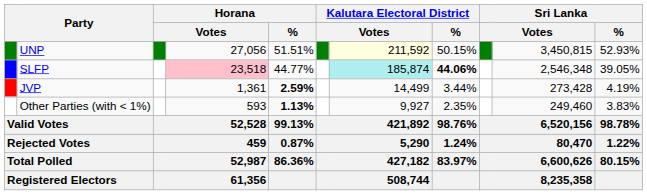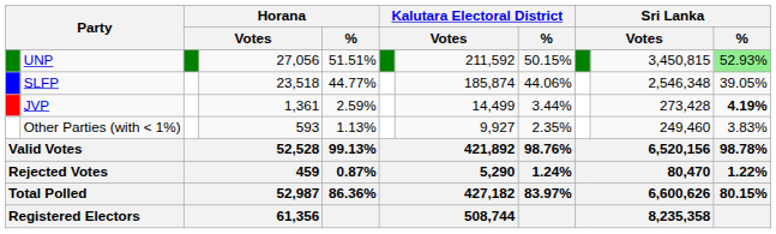 <table class="wikitable">
 <tr>
 <th colspan="2" width="144px"rowspan="2">Party</th>
 <th colspan="3" width="216px">Horana</th>
 <th colspan="3" width="216px"><a href='#'>Kalutara Electoral District</a></th>
 <th colspan="3" width="216px">Sri Lanka</th>
 </tr>
 <tr>
 <th colspan="2" width="144px">Votes</th>
 <th>%</th>
 <th colspan="2" width="144px">Votes</th>
 <th>%</th>
 <th colspan="2" width="144px">Votes</th>
 <th>%</th>
 </tr>
 <tr>
 <td style="background-color:green;" width="10px"></td>
 <td style="text-align:left;"><a href='#'>UNP</a></td>
 <td style="background-color:green;" width="10px"></td>
 <td style="text-align:right;">27,056</td>
 <td style="text-align:right;">51.51%</td>
 <td style="background-color:green;" width="10px"></td>
-<td style="background: lightyellow; text-align:right;">211,592</td>
+<td style="text-align:right;">211,592</td>
 <td style="text-align:right;">50.15%</td>
 <td style="background-color:green;" width="10px"></td>
 <td style="text-align:right;">3,450,815</td>
-<td style="text-align:right;">52.93%</td>
+<td style="background: lightgreen; text-align:right;">52.93%</td>
 </tr>
 <tr>
 <td style="background-color:blue;" width="10px"></td>
 <td style="text-align:left;"><a href='#'>SLFP</a></td>
 <td style="background-color:white;" width="10px"></td>
-<td style="background: pink; text-align:right;">23,518</td>
+<td style="text-align:right;">23,518</td>
 <td style="text-align:right;">44.77%</td>
 <td style="background-color:white;" width="10px"></td>
-<td style="background: paleturquoise; text-align:right;">185,874</td>
-<td style="text-align:right;"><strong>44.06%</strong></td>
+<td style="text-align:right;">185,874</td>
+<td style="text-align:right;">44.06%</td>
 <td style="background-color:white;" width="10px"></td>
 <td style="text-align:right;">2,546,348</td>
 <td style="text-align:right;">39.05%</td>
 </tr>
 <tr>
 <td style="background-color:red;" width="10px"></td>
 <td style="text-align:left;"><a href='#'>JVP</a></td>
 <td style="background-color:white;" width="10px"></td>
 <td style="text-align:right;">1,361</td>
-<td style="text-align:right;"><strong>2.59%</strong></td>
+<td style="text-align:right;">2.59%</td>
 <td style="background-color:white;" width="10px"></td>
 <td style="text-align:right;">14,499</td>
 <td style="text-align:right;">3.44%</td>
 <td style="background-color:white;" width="10px"></td>
 <td style="text-align:right;">273,428</td>
-<td style="text-align:right;">4.19%</td>
+<td style="text-align:right;"><strong>4.19%</strong></td>
 </tr>
 <tr>
 <td style="background-color:white;" width="10px"></td>
 <td style="text-align:left;">Other Parties (with < 1%)</td>
 <td style="background-color:white;" width="10px"></td>
 <td style="text-align:right;">593</td>
-<td style="text-align:right;"><strong>1.13%</strong></td>
+<td style="text-align:right;">1.13%</td>
 <td style="background-color:white;" width="10px"></td>
 <td style="text-align:right;">9,927</td>
 <td style="text-align:right;">2.35%</td>
 <td style="background-color:white;" width="10px"></td>
 <td style="text-align:right;">249,460</td>
 <td style="text-align:right;">3.83%</td>
 </tr>
 <tr>
 <th colspan="2" width="144px"style="text-align:left;">Valid Votes</th>
 <th style="text-align:right;"colspan="2" width="144px">52,528</th>
 <th style="text-align:right;">99.13%</th>
 <th style="text-align:right;"colspan="2" width="144px">421,892</th>
 <th style="text-align:right;">98.76%</th>
 <th style="text-align:right;"colspan="2" width="144px">6,520,156</th>
 <th style="text-align:right;">98.78%</th>
 </tr>
 <tr>
 <th colspan="2" width="144px"style="text-align:left;">Rejected Votes</th>
 <th style="text-align:right;"colspan="2" width="144px">459</th>
 <th style="text-align:right;">0.87%</th>
 <th style="text-align:right;"colspan="2" width="144px">5,290</th>
 <th style="text-align:right;">1.24%</th>
 <th style="text-align:right;"colspan="2" width="144px">80,470</th>
 <th style="text-align:right;">1.22%</th>
 </tr>
 <tr>
 <th colspan="2" width="144px"style="text-align:left;">Total Polled</th>
 <th style="text-align:right;"colspan="2" width="144px">52,987</th>
 <th style="text-align:right;">86.36%</th>
 <th style="text-align:right;"colspan="2" width="144px">427,182</th>
 <th style="text-align:right;">83.97%</th>
 <th style="text-align:right;"colspan="2" width="144px">6,600,626</th>
 <th style="text-align:right;">80.15%</th>
 </tr>
 <tr>
 <th colspan="2" width="144px"style="text-align:left;">Registered Electors</th>
 <th style="text-align:right;"colspan="2" width="144px">61,356</th>
 <th></th>
 <th style="text-align:right;"colspan="2" width="144px">508,744</th>
 <th></th>
 <th style="text-align:right;"colspan="2" width="144px">8,235,358</th>
 <th></th>
 </tr>
 </table>
